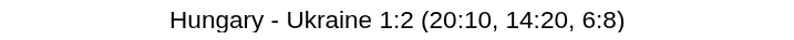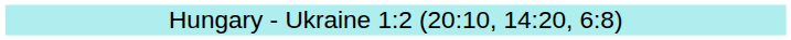 <table style="text-align:center">
 <tr>
 <th width=500></th>
 </tr>
 <tr>
-<td>Hungary - Ukraine 1:2 (20:10, 14:20, 6:8)</td>
+<td style="background: paleturquoise;">Hungary - Ukraine 1:2 (20:10, 14:20, 6:8)</td>
 </tr>
 <tr>
 </tr>
 </table>
